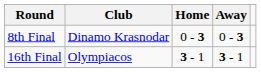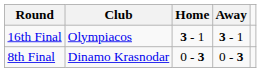 <table class="wikitable">
 <tr>
 <th>Round</th>
 <th>Club</th>
 <th>Home</th>
 <th>Away</th>
 </tr>
 <tr>
+<td><a href='#'>16th Final</a></td>
+<td> <a href='#'>Olympiacos</a></td>
+<td style="text-align:center;"><strong>3</strong> - 1</td>
+<td style="text-align:center;"><strong>3</strong> - 1</td>
+<td style="text-align:center;"></td>
+</tr>
+<tr>
 <td><a href='#'>8th Final</a></td>
 <td> <a href='#'>Dinamo Krasnodar</a></td>
 <td style="text-align:center;">0 - <strong>3</strong></td>
 <td style="text-align:center;">0 - <strong>3</strong></td>
 <td style="text-align:center;"></td>
 </tr>
-<tr>
-<td><a href='#'>16th Final</a></td>
-<td> <a href='#'>Olympiacos</a></td>
-<td style="text-align:center;"><strong>3</strong> - 1</td>
-<td style="text-align:center;"><strong>3</strong> - 1</td>
-<td style="text-align:center;"></td>
-</tr>
 </table>
